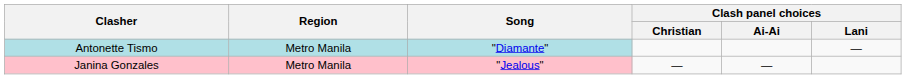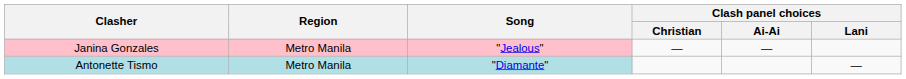 <table class="wikitable" style="text-align:center; line-height:17px; width:100%;">
 <tr>
 <th rowspan="2" width="25%">Clasher</th>
 <th rowspan="2">Region</th>
 <th rowspan="2" width="25%">Song</th>
 <th colspan="3" width="30%">Clash panel choices</th>
 </tr>
 <tr>
 <th width="10%">Christian</th>
 <th width="10%">Ai-Ai</th>
 <th width="10%">Lani</th>
 </tr>
 <tr>
+<td style="background:pink;">Janina Gonzales</td>
+<td style="background:pink;">Metro Manila</td>
+<td style="background:pink;">"<a href='#'>Jealous</a>"</td>
+<td>—</td>
+<td>—</td>
+<td><strong></strong></td>
+</tr>
+<tr>
 <td style="background:#b0e0e6;">Antonette Tismo</td>
 <td style="background:#b0e0e6;">Metro Manila</td>
 <td style="background:#b0e0e6;">"<a href='#'>Diamante</a>"</td>
 <td><strong></strong></td>
 <td><strong></strong></td>
 <td>—</td>
 </tr>
-<tr>
-<td style="background:pink;">Janina Gonzales</td>
-<td style="background:pink;">Metro Manila</td>
-<td style="background:pink;">"<a href='#'>Jealous</a>"</td>
-<td>—</td>
-<td>—</td>
-<td><strong></strong></td>
-</tr>
 </table>
